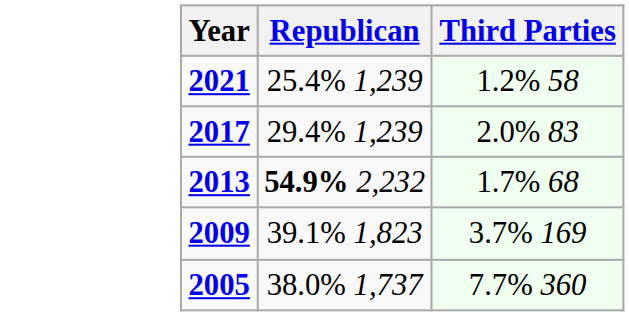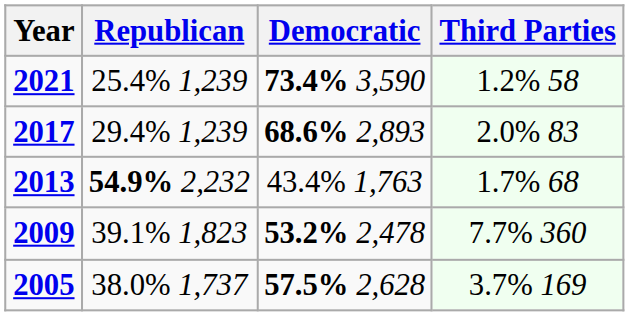 <table class="wikitable" style="float:right; font-size:95%;">
 <tr bgcolor=lightgrey>
 <th>Year</th>
 <th><a href='#'>Republican</a></th>
+<th><a href='#'>Democratic</a></th>
 <th><a href='#'>Third Parties</a></th>
 </tr>
 <tr>
 <td style="text-align:center; "><strong><a href='#'>2021</a></strong></td>
 <td style="text-align:center; ">25.4% <em>1,239</em></td>
+<td style="text-align:center; "><strong>73.4%</strong>  <em>3,590</em></td>
 <td style="text-align:center; background:honeyDew;">1.2% <em>58</em></td>
 </tr>
 <tr>
 <td style="text-align:center; "><strong><a href='#'>2017</a></strong></td>
 <td style="text-align:center; ">29.4% <em>1,239</em></td>
+<td style="text-align:center; "><strong>68.6%</strong>  <em>2,893</em></td>
 <td style="text-align:center; background:honeyDew;">2.0% <em>83</em></td>
 </tr>
 <tr>
 <td style="text-align:center; "><strong><a href='#'>2013</a></strong></td>
 <td style="text-align:center; "><strong>54.9%</strong> <em>2,232</em></td>
+<td style="text-align:center; ">43.4%  <em>1,763</em></td>
 <td style="text-align:center; background:honeyDew;">1.7% <em>68</em></td>
 </tr>
 <tr>
 <td style="text-align:center; "><strong><a href='#'>2009</a></strong></td>
 <td style="text-align:center; ">39.1% <em>1,823</em></td>
-<td style="text-align:center; background:honeyDew;">3.7% <em>169</em></td>
+<td style="text-align:center; "><strong>53.2%</strong>  <em>2,478</em></td>
+<td style="text-align:center; background:honeyDew;">7.7% <em>360</em></td>
 </tr>
 <tr>
 <td style="text-align:center; "><strong><a href='#'>2005</a></strong></td>
 <td style="text-align:center; ">38.0% <em>1,737</em></td>
-<td style="text-align:center; background:honeyDew;">7.7% <em>360</em></td>
+<td style="text-align:center; "><strong>57.5%</strong>  <em>2,628</em></td>
+<td style="text-align:center; background:honeyDew;">3.7% <em>169</em></td>
 </tr>
 </table>
